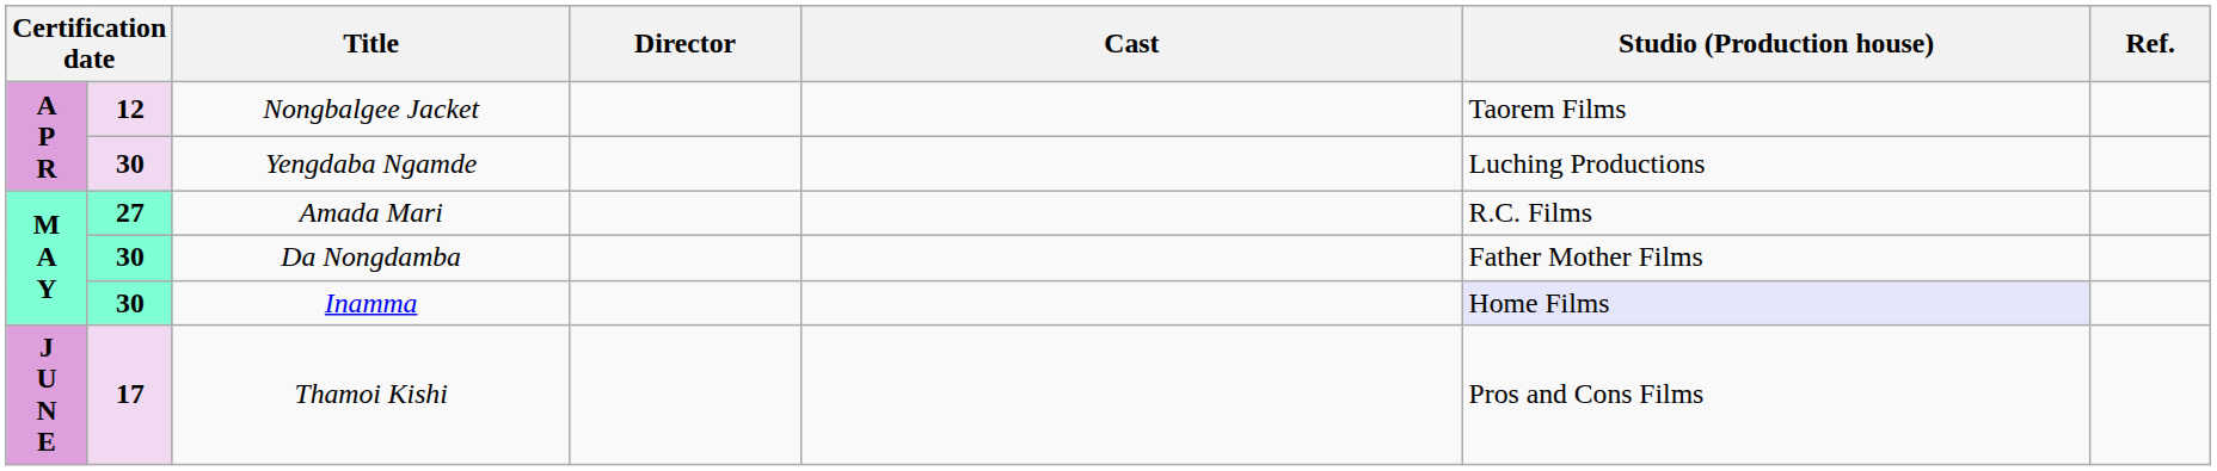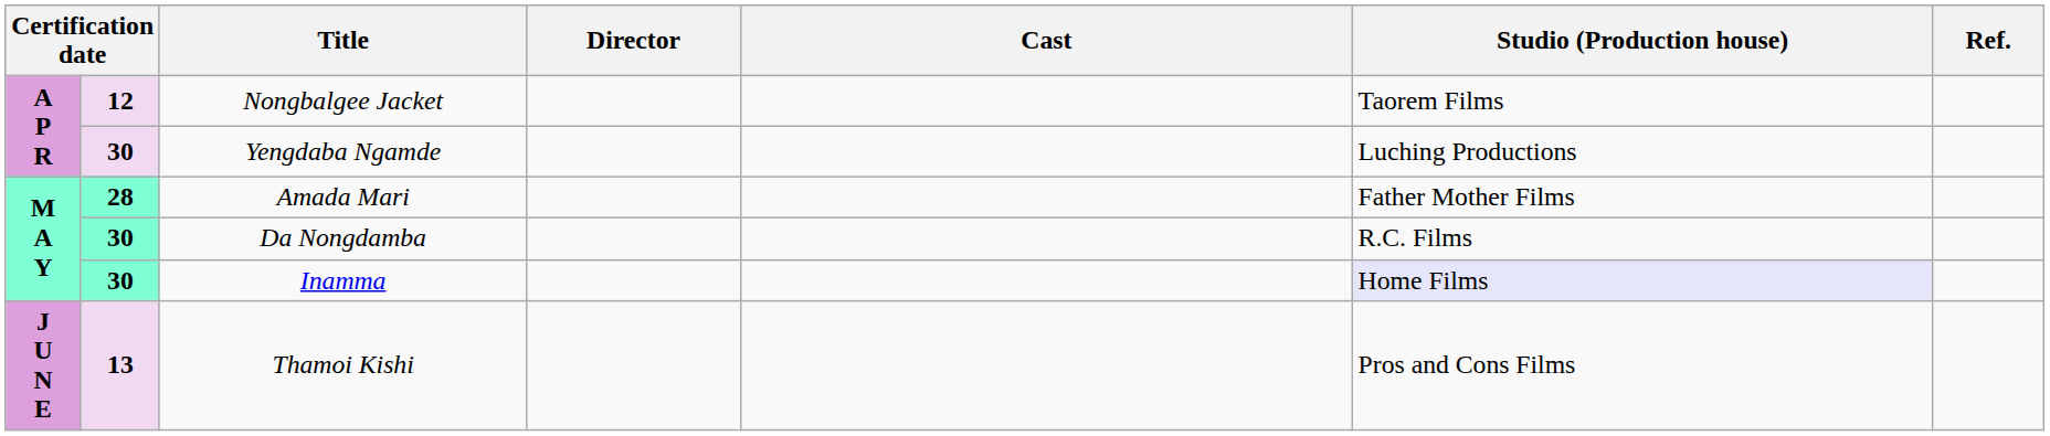 <table class="wikitable">
 <tr style="background:#b0e0e6; text-align:center;">
 <th colspan="2" style="width:6%;"><strong>Certification date</strong></th>
 <th style="width:18%;"><strong>Title</strong></th>
 <th style="width:10.5%;"><strong>Director</strong></th>
 <th style="width:30%;"><strong>Cast</strong></th>
 <th><strong>Studio (Production house)</strong></th>
 <th>Ref.</th>
 </tr>
 <tr April>
 <td rowspan="2" style="text-align:center; background:plum; textcolor:#000;"><strong>A<br>P<br>R</strong></td>
 <td rowspan="1" style="text-align:center;background:#f1daf1;"><strong>12</strong></td>
 <td style="text-align:center;"><em>Nongbalgee Jacket</em></td>
 <td></td>
 <td></td>
 <td>Taorem Films</td>
 <td></td>
 </tr>
 <tr>
 <td rowspan="1" style="text-align:center;background:#f1daf1;"><strong>30</strong></td>
 <td style="text-align:center;"><em>Yengdaba Ngamde</em></td>
 <td></td>
 <td></td>
 <td>Luching Productions</td>
 <td></td>
 </tr>
 <tr May>
 <td rowspan="3" style="text-align:center; background:#7FFFD4; textcolor:#000;"><strong>M<br>A<br>Y</strong></td>
-<td rowspan="1" style="text-align:center;background:#7FFFD4;"><strong>27</strong></td>
+<td rowspan="1" style="text-align:center;background:#7FFFD4;"><strong>28</strong></td>
 <td style="text-align:center;"><em>Amada Mari</em></td>
 <td></td>
 <td></td>
-<td>R.C. Films</td>
+<td>Father Mother Films</td>
 <td></td>
 </tr>
 <tr>
 <td rowspan="1" style="text-align:center;background:#7FFFD4;"><strong>30</strong></td>
 <td style="text-align:center;"><em>Da Nongdamba</em></td>
 <td></td>
 <td></td>
-<td>Father Mother Films</td>
+<td>R.C. Films</td>
 <td></td>
 </tr>
 <tr>
 <td rowspan="1" style="text-align:center;background:#7FFFD4;"><strong>30</strong></td>
 <td style="text-align:center;"><em><a href='#'>Inamma</a></em></td>
 <td></td>
 <td></td>
 <td style="background: lavender;">Home Films</td>
 <td></td>
 </tr>
 <tr June>
 <td rowspan="1" style="text-align:center; background:plum; textcolor:#000;"><strong>J<br>U<br>N<br>E</strong></td>
-<td rowspan="1" style="text-align:center;background:#f1daf1;"><strong>17</strong></td>
+<td rowspan="1" style="text-align:center;background:#f1daf1;"><strong>13</strong></td>
 <td style="text-align:center;"><em>Thamoi Kishi</em></td>
 <td></td>
 <td></td>
 <td>Pros and Cons Films</td>
 <td></td>
 </tr>
 </table>
